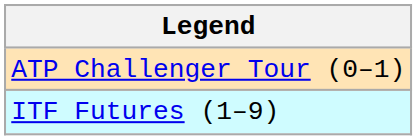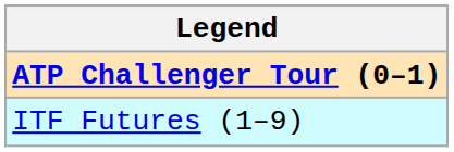 <table class=wikitable>
 <tr>
 <th>Legend</th>
 </tr>
 <tr style="background:moccasin;">
-<td><a href='#'>ATP Challenger Tour</a> (0–1)</td>
+<td><strong><a href='#'>ATP Challenger Tour</a> (0–1)</strong></td>
 </tr>
 <tr style="background:#cffcff;">
 <td><a href='#'>ITF Futures</a> (1–9)</td>
 </tr>
 </table>
